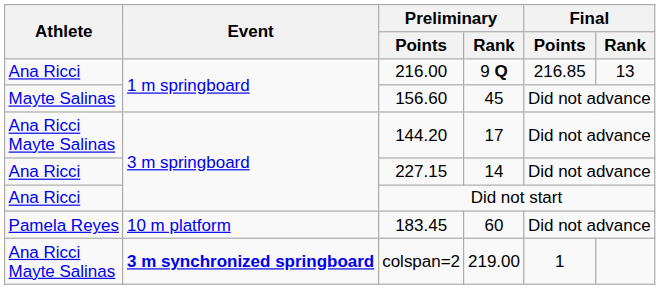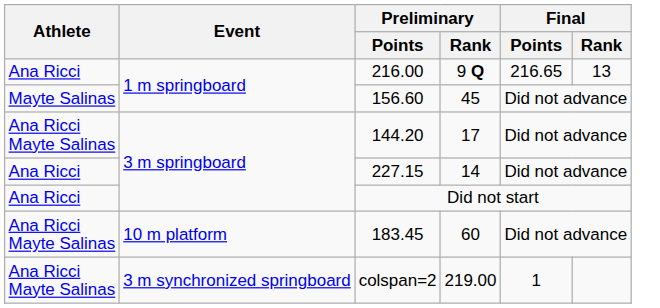 <table class=wikitable style="font-size:90%">
 <tr>
 <th rowspan="2">Athlete</th>
 <th rowspan="2">Event</th>
 <th colspan="2">Preliminary</th>
 <th colspan="2">Final</th>
 </tr>
 <tr>
 <th>Points</th>
 <th>Rank</th>
 <th>Points</th>
 <th>Rank</th>
 </tr>
 <tr align=center>
 <td align=left><a href='#'>Ana Ricci</a></td>
 <td align=left rowspan=2><a href='#'>1 m springboard</a></td>
 <td>216.00</td>
 <td>9 <strong>Q</strong></td>
-<td>216.85</td>
+<td>216.65</td>
 <td>13</td>
 </tr>
 <tr align=center>
 <td align=left><a href='#'>Mayte Salinas</a></td>
 <td>156.60</td>
 <td>45</td>
 <td colspan=2>Did not advance</td>
 </tr>
 <tr align=center>
 <td align=left><a href='#'>Ana Ricci</a><br><a href='#'>Mayte Salinas</a></td>
 <td align=left rowspan=3><a href='#'>3 m springboard</a></td>
 <td>144.20</td>
 <td>17</td>
 <td colspan=2>Did not advance</td>
 </tr>
 <tr align=center>
 <td align=left><a href='#'>Ana Ricci</a></td>
 <td>227.15</td>
 <td>14</td>
 <td colspan=2>Did not advance</td>
 </tr>
 <tr align=center>
 <td align=left><a href='#'>Ana Ricci</a></td>
 <td colspan=4>Did not start</td>
 </tr>
 <tr align=center>
-<td align=left><a href='#'>Pamela Reyes</a></td>
+<td align=left><a href='#'>Ana Ricci</a><br><a href='#'>Mayte Salinas</a></td>
 <td align=left><a href='#'>10 m platform</a></td>
 <td>183.45</td>
 <td>60</td>
 <td colspan=2>Did not advance</td>
 </tr>
 <tr align=center>
 <td align=left><a href='#'>Ana Ricci</a><br><a href='#'>Mayte Salinas</a></td>
-<td align=left><strong><a href='#'>3 m synchronized springboard</a></strong></td>
+<td align=left><a href='#'>3 m synchronized springboard</a></td>
 <td>colspan=2 </td>
 <td>219.00</td>
 <td>1</td>
 </tr>
 </table>
